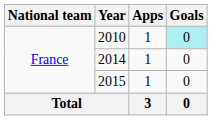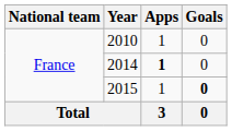 <table class="wikitable" style="text-align: center;">
 <tr>
 <th>National team</th>
 <th>Year</th>
 <th>Apps</th>
 <th>Goals</th>
 </tr>
 <tr>
 <td rowspan=3><a href='#'>France</a></td>
 <td>2010</td>
 <td>1</td>
-<td style="background: paleturquoise;">0</td>
+<td>0</td>
 </tr>
 <tr>
 <td>2014</td>
-<td>1</td>
+<td><strong>1</strong></td>
 <td>0</td>
 </tr>
 <tr>
 <td>2015</td>
 <td>1</td>
-<td>0</td>
+<td><strong>0</strong></td>
 </tr>
 <tr>
 <th colspan=2>Total</th>
 <th>3</th>
 <th>0</th>
 </tr>
 </table>
